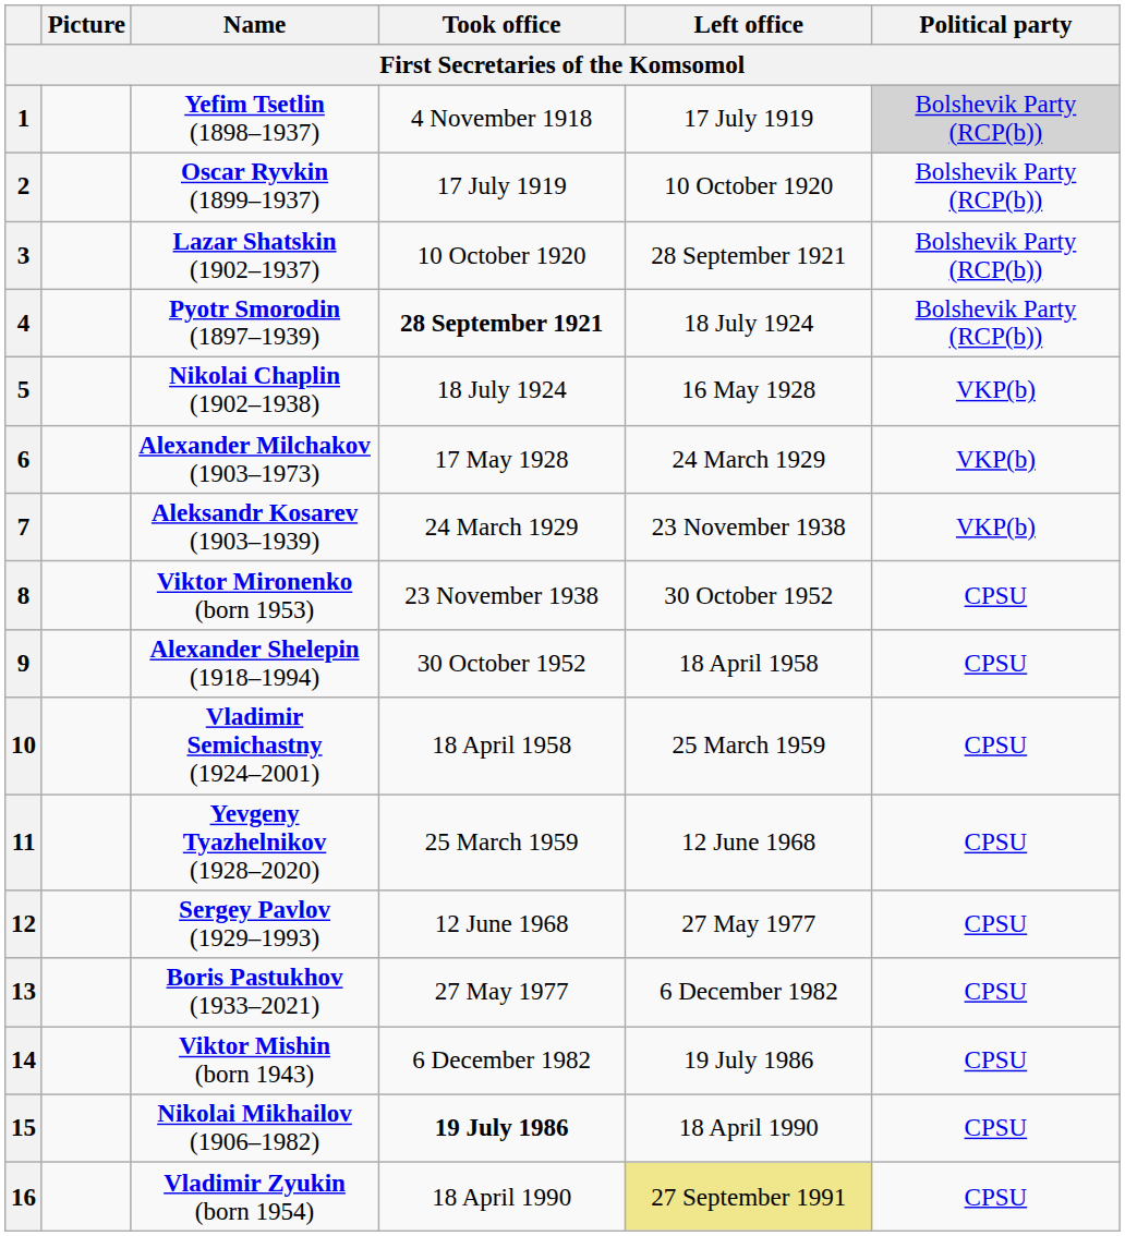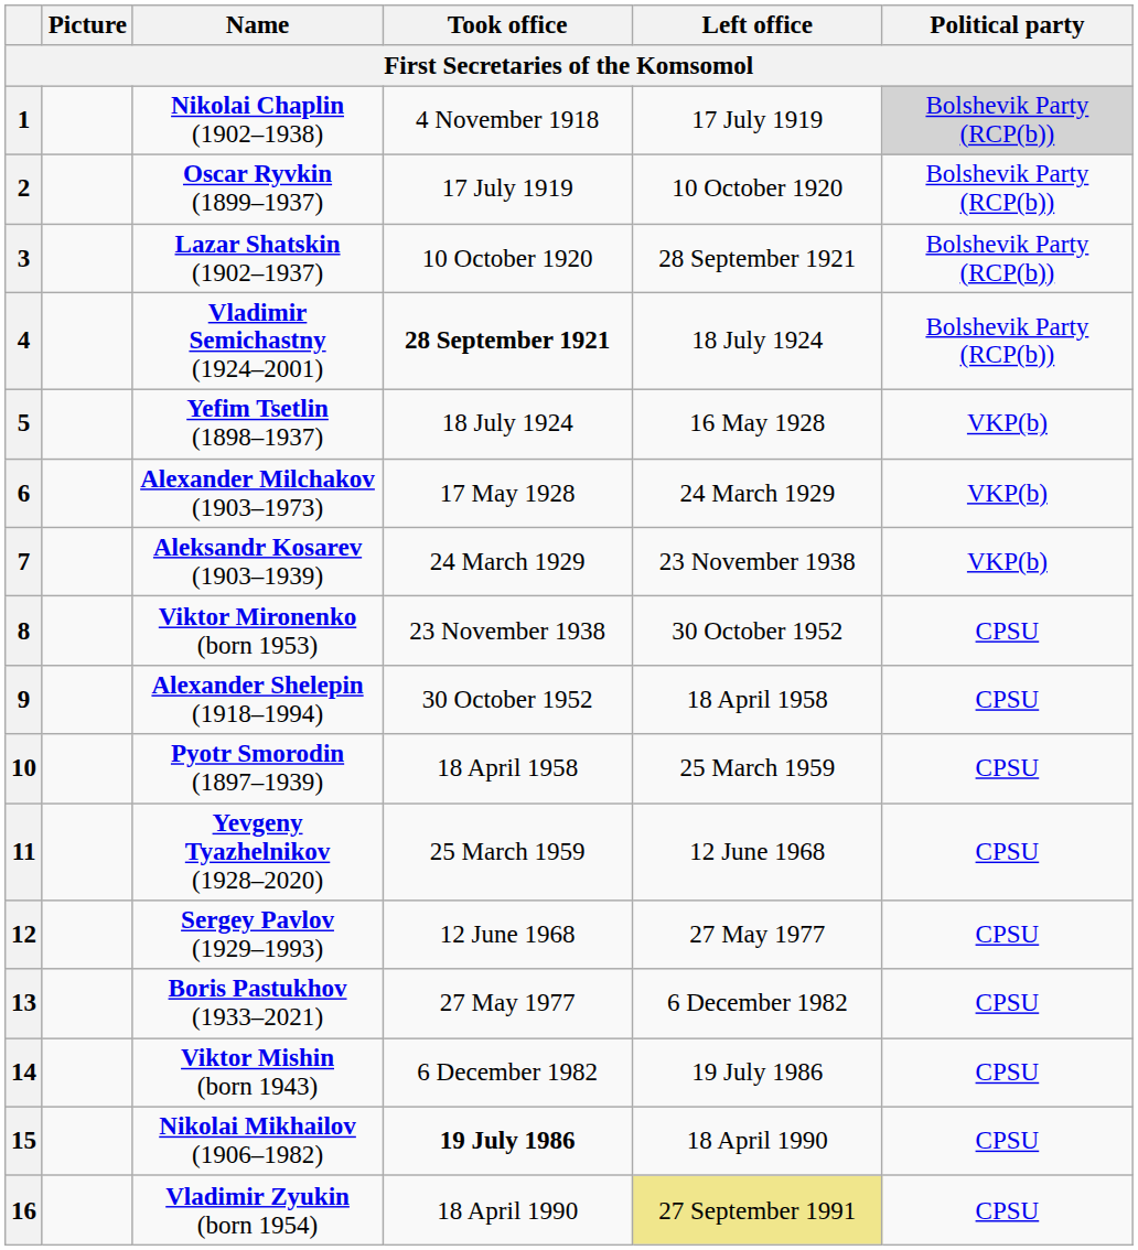 <table class="wikitable" style="text-align:center">
 <tr>
 <th></th>
 <th>Picture</th>
 <th width="150">Name<br></th>
 <th width="150">Took office</th>
 <th width="150">Left office</th>
 <th width="150">Political party</th>
 </tr>
 <tr>
 <th colspan="6" align="center">First Secretaries of the Komsomol</th>
 </tr>
 <tr>
 <th style="background:">1</th>
 <td></td>
-<td><strong><a href='#'>Yefim Tsetlin</a></strong><br>(1898–1937)</td>
+<td><strong><a href='#'>Nikolai Chaplin</a></strong><br>(1902–1938)</td>
 <td>4 November 1918</td>
 <td>17 July 1919</td>
 <td style="background: lightgrey;"><a href='#'>Bolshevik Party</a><br><a href='#'>(RCP(b))</a></td>
 </tr>
 <tr>
 <th style="background:">2</th>
 <td></td>
 <td><strong><a href='#'>Oscar Ryvkin</a></strong><br>(1899–1937)</td>
 <td>17 July 1919</td>
 <td>10 October 1920</td>
 <td><a href='#'>Bolshevik Party</a><br><a href='#'>(RCP(b))</a></td>
 </tr>
 <tr>
 <th style="background:">3</th>
 <td></td>
 <td><strong><a href='#'>Lazar Shatskin</a></strong><br>(1902–1937)</td>
 <td>10 October 1920</td>
 <td>28 September 1921</td>
 <td><a href='#'>Bolshevik Party</a><br><a href='#'>(RCP(b))</a></td>
 </tr>
 <tr>
 <th style="background:">4</th>
 <td></td>
-<td><strong><a href='#'>Pyotr Smorodin</a></strong><br>(1897–1939)</td>
+<td><strong><a href='#'>Vladimir Semichastny</a></strong><br>(1924–2001)</td>
 <td><strong>28 September 1921</strong></td>
 <td>18 July 1924</td>
 <td><a href='#'>Bolshevik Party</a><br><a href='#'>(RCP(b))</a></td>
 </tr>
 <tr>
 <th style="background:">5</th>
 <td></td>
-<td><strong><a href='#'>Nikolai Chaplin</a></strong><br>(1902–1938)</td>
+<td><strong><a href='#'>Yefim Tsetlin</a></strong><br>(1898–1937)</td>
 <td>18 July 1924</td>
 <td>16 May 1928</td>
 <td><a href='#'>VKP(b)</a></td>
 </tr>
 <tr>
 <th style="background:">6</th>
 <td></td>
 <td><strong><a href='#'>Alexander Milchakov</a></strong><br>(1903–1973)</td>
 <td>17 May 1928</td>
 <td>24 March 1929</td>
 <td><a href='#'>VKP(b)</a></td>
 </tr>
 <tr>
 <th style="background:">7</th>
 <td></td>
 <td><strong><a href='#'>Aleksandr Kosarev</a></strong><br>(1903–1939)</td>
 <td>24 March 1929</td>
 <td>23 November 1938</td>
 <td><a href='#'>VKP(b)</a></td>
 </tr>
 <tr>
 <th style="background:">8</th>
 <td></td>
 <td><strong><a href='#'>Viktor Mironenko</a></strong><br>(born 1953)</td>
 <td>23 November 1938</td>
 <td>30 October 1952</td>
 <td><a href='#'>CPSU</a></td>
 </tr>
 <tr>
 <th style="background:">9</th>
 <td></td>
 <td><strong><a href='#'>Alexander Shelepin</a></strong><br>(1918–1994)</td>
 <td>30 October 1952</td>
 <td>18 April 1958</td>
 <td><a href='#'>CPSU</a></td>
 </tr>
 <tr>
 <th style="background:">10</th>
 <td></td>
-<td><strong><a href='#'>Vladimir Semichastny</a></strong><br>(1924–2001)</td>
+<td><strong><a href='#'>Pyotr Smorodin</a></strong><br>(1897–1939)</td>
 <td>18 April 1958</td>
 <td>25 March 1959</td>
 <td><a href='#'>CPSU</a></td>
 </tr>
 <tr>
 <th style="background:">11</th>
 <td></td>
 <td><strong><a href='#'>Yevgeny Tyazhelnikov</a></strong><br>(1928–2020)</td>
 <td>25 March 1959</td>
 <td>12 June 1968</td>
 <td><a href='#'>CPSU</a></td>
 </tr>
 <tr>
 <th style="background:">12</th>
 <td></td>
 <td><strong><a href='#'>Sergey Pavlov</a></strong><br>(1929–1993)</td>
 <td>12 June 1968</td>
 <td>27 May 1977</td>
 <td><a href='#'>CPSU</a></td>
 </tr>
 <tr>
 <th style="background:">13</th>
 <td></td>
 <td><strong><a href='#'>Boris Pastukhov</a></strong><br>(1933–2021)</td>
 <td>27 May 1977</td>
 <td>6 December 1982</td>
 <td><a href='#'>CPSU</a></td>
 </tr>
 <tr>
 <th style="background:">14</th>
 <td></td>
 <td><strong><a href='#'>Viktor Mishin</a></strong><br>(born 1943)</td>
 <td>6 December 1982</td>
 <td>19 July 1986</td>
 <td><a href='#'>CPSU</a></td>
 </tr>
 <tr>
 <th style="background:">15</th>
 <td></td>
 <td><strong><a href='#'>Nikolai Mikhailov</a></strong><br>(1906–1982)</td>
 <td><strong>19 July 1986</strong></td>
 <td>18 April 1990</td>
 <td><a href='#'>CPSU</a></td>
 </tr>
 <tr>
 <th style="background:">16</th>
 <td></td>
 <td><strong><a href='#'>Vladimir Zyukin</a></strong><br>(born 1954)</td>
 <td>18 April 1990</td>
 <td style="background: khaki;">27 September 1991</td>
 <td><a href='#'>CPSU</a></td>
 </tr>
 </table>
